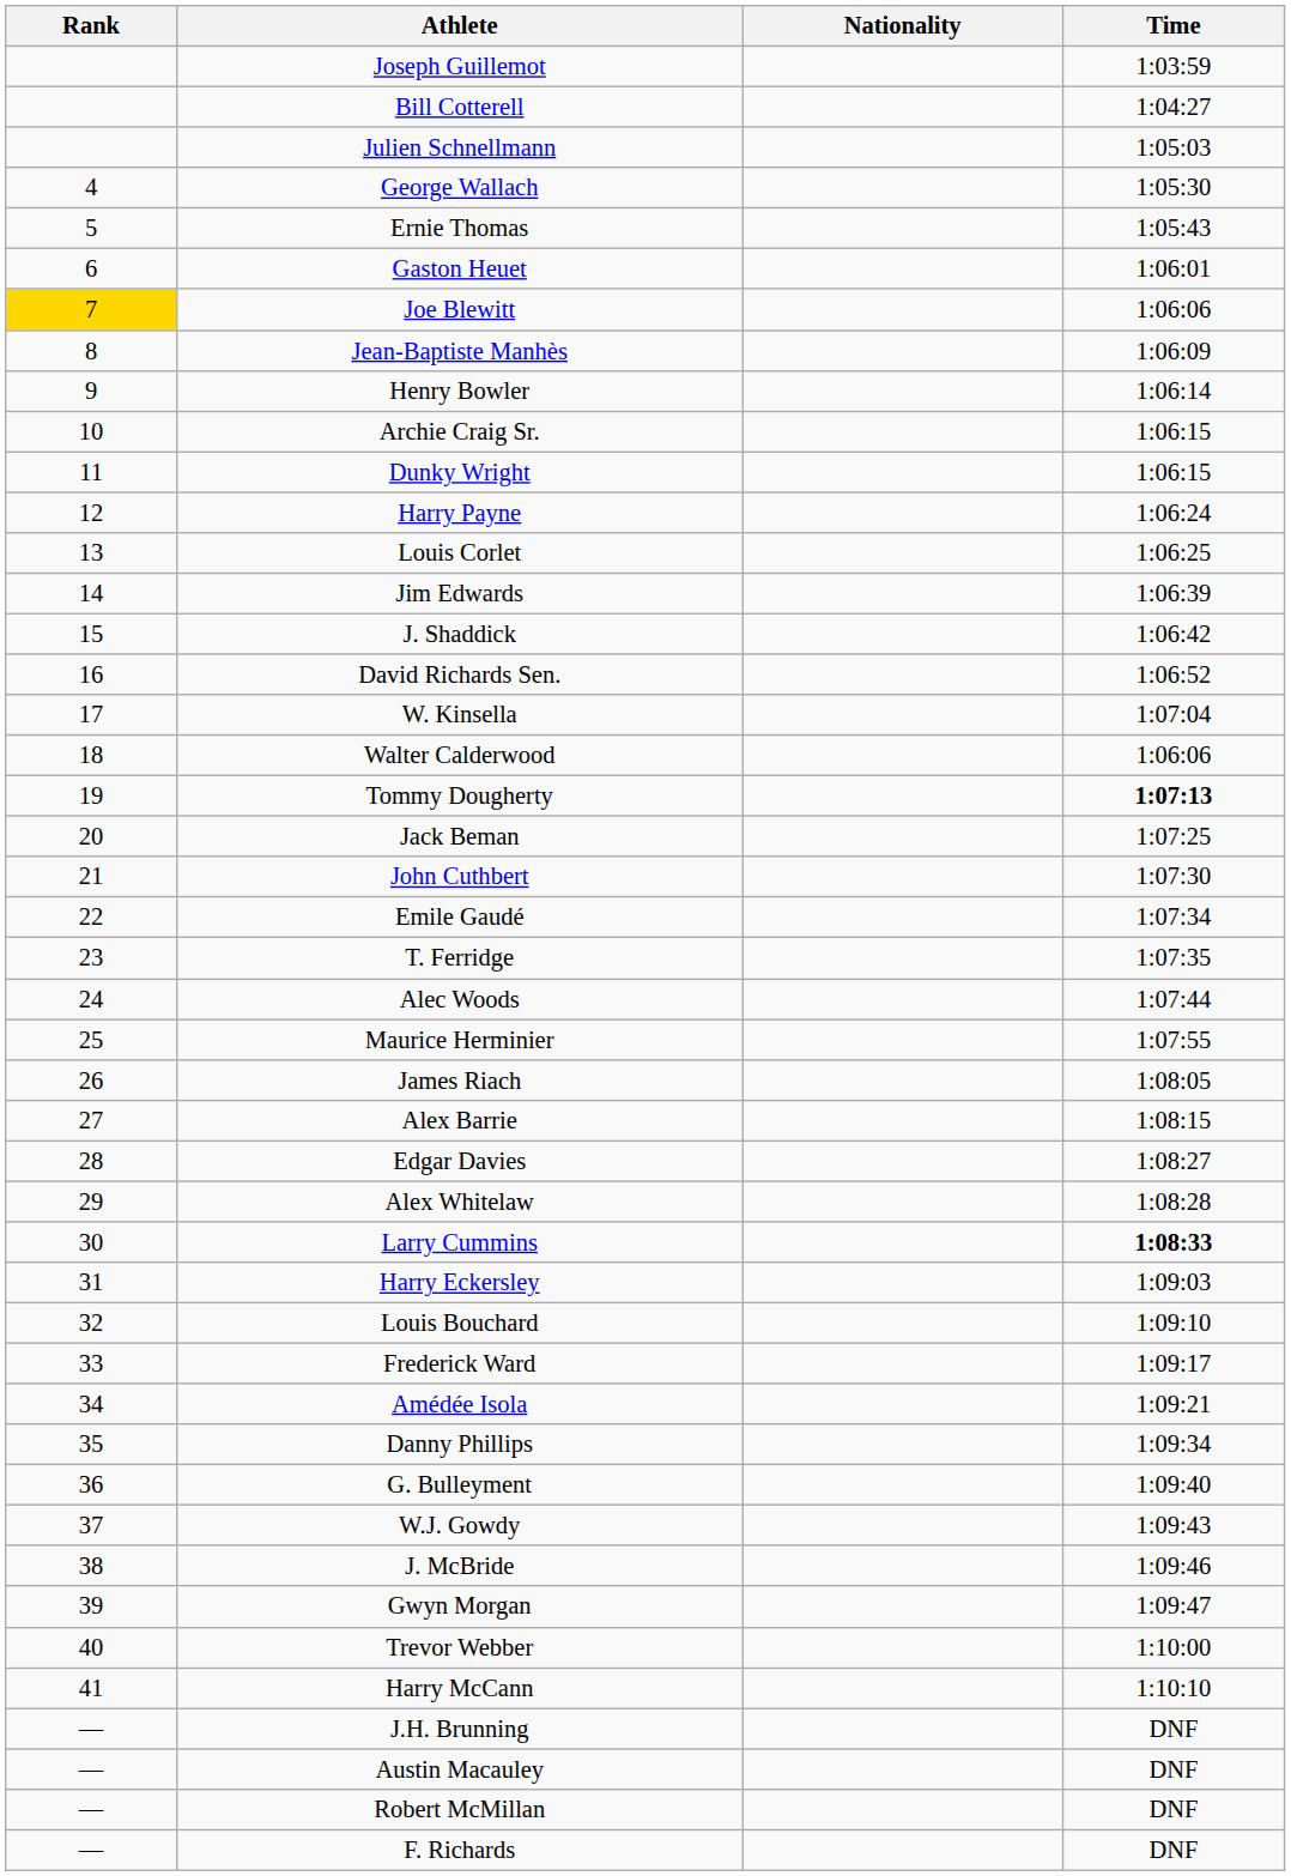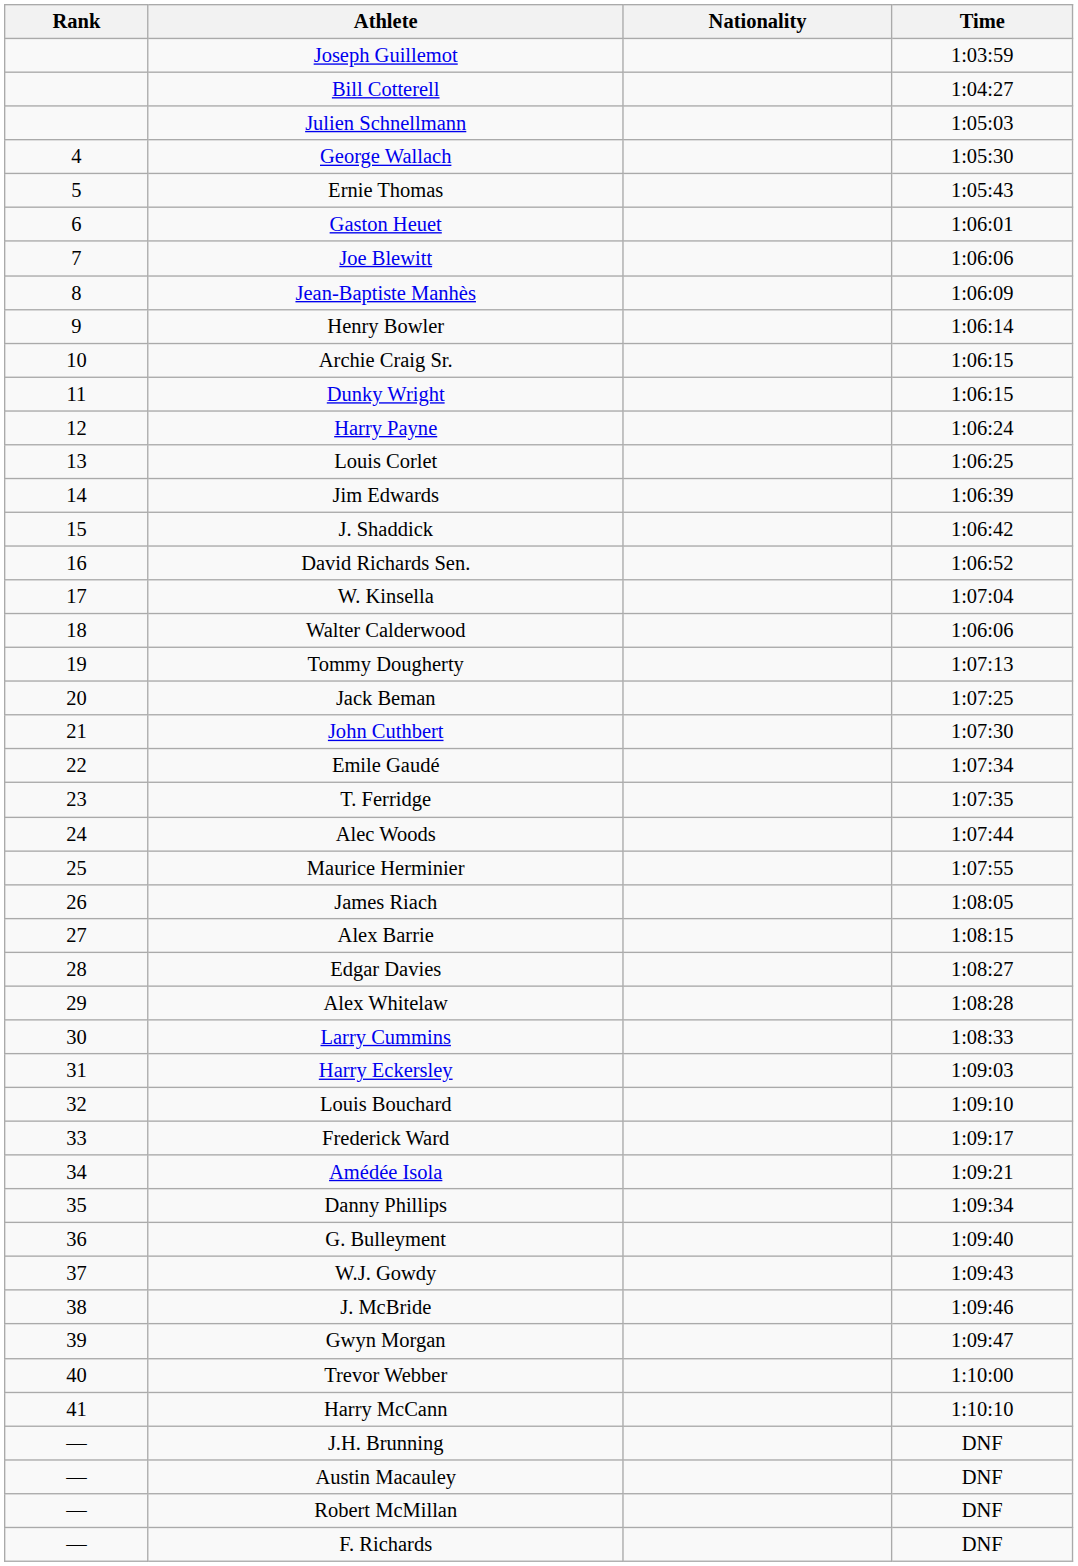 <table class="wikitable sortable" style=" text-align:center; font-size:95%;" width="50%">
 <tr>
 <th>Rank</th>
 <th>Athlete</th>
 <th>Nationality</th>
 <th>Time</th>
 </tr>
 <tr>
 <td align=center></td>
 <td><a href='#'>Joseph Guillemot</a></td>
 <td></td>
 <td>1:03:59</td>
 </tr>
 <tr>
 <td align=center></td>
 <td><a href='#'>Bill Cotterell</a></td>
 <td></td>
 <td>1:04:27</td>
 </tr>
 <tr>
 <td align=center></td>
 <td><a href='#'>Julien Schnellmann</a></td>
 <td></td>
 <td>1:05:03</td>
 </tr>
 <tr>
 <td align=center>4</td>
 <td><a href='#'>George Wallach</a></td>
 <td></td>
 <td>1:05:30</td>
 </tr>
 <tr>
 <td align=center>5</td>
 <td>Ernie Thomas</td>
 <td></td>
 <td>1:05:43</td>
 </tr>
 <tr>
 <td align=center>6</td>
 <td><a href='#'>Gaston Heuet</a></td>
 <td></td>
 <td>1:06:01</td>
 </tr>
 <tr>
-<td align=center style="background: gold;">7</td>
+<td align=center>7</td>
 <td><a href='#'>Joe Blewitt</a></td>
 <td></td>
 <td>1:06:06</td>
 </tr>
 <tr>
 <td align=center>8</td>
 <td><a href='#'>Jean-Baptiste Manhès</a></td>
 <td></td>
 <td>1:06:09</td>
 </tr>
 <tr>
 <td align=center>9</td>
 <td>Henry Bowler</td>
 <td></td>
 <td>1:06:14</td>
 </tr>
 <tr>
 <td align=center>10</td>
 <td>Archie Craig Sr.</td>
 <td></td>
 <td>1:06:15</td>
 </tr>
 <tr>
 <td align=center>11</td>
 <td><a href='#'>Dunky Wright</a></td>
 <td></td>
 <td>1:06:15</td>
 </tr>
 <tr>
 <td align=center>12</td>
 <td><a href='#'>Harry Payne</a></td>
 <td></td>
 <td>1:06:24</td>
 </tr>
 <tr>
 <td align=center>13</td>
 <td>Louis Corlet</td>
 <td></td>
 <td>1:06:25</td>
 </tr>
 <tr>
 <td align=center>14</td>
 <td>Jim Edwards</td>
 <td></td>
 <td>1:06:39</td>
 </tr>
 <tr>
 <td align=center>15</td>
 <td>J. Shaddick</td>
 <td></td>
 <td>1:06:42</td>
 </tr>
 <tr>
 <td align=center>16</td>
 <td>David Richards Sen.</td>
 <td></td>
 <td>1:06:52</td>
 </tr>
 <tr>
 <td align=center>17</td>
 <td>W. Kinsella</td>
 <td></td>
 <td>1:07:04</td>
 </tr>
 <tr>
 <td align=center>18</td>
 <td>Walter Calderwood</td>
 <td></td>
 <td>1:06:06</td>
 </tr>
 <tr>
 <td align=center>19</td>
 <td>Tommy Dougherty</td>
 <td></td>
-<td><strong>1:07:13</strong></td>
+<td>1:07:13</td>
 </tr>
 <tr>
 <td align=center>20</td>
 <td>Jack Beman</td>
 <td></td>
 <td>1:07:25</td>
 </tr>
 <tr>
 <td align=center>21</td>
 <td><a href='#'>John Cuthbert</a></td>
 <td></td>
 <td>1:07:30</td>
 </tr>
 <tr>
 <td align=center>22</td>
 <td>Emile Gaudé</td>
 <td></td>
 <td>1:07:34</td>
 </tr>
 <tr>
 <td align=center>23</td>
 <td>T. Ferridge</td>
 <td></td>
 <td>1:07:35</td>
 </tr>
 <tr>
 <td align=center>24</td>
 <td>Alec Woods</td>
 <td></td>
 <td>1:07:44</td>
 </tr>
 <tr>
 <td align=center>25</td>
 <td>Maurice Herminier</td>
 <td></td>
 <td>1:07:55</td>
 </tr>
 <tr>
 <td align=center>26</td>
 <td>James Riach</td>
 <td></td>
 <td>1:08:05</td>
 </tr>
 <tr>
 <td align=center>27</td>
 <td>Alex Barrie</td>
 <td></td>
 <td>1:08:15</td>
 </tr>
 <tr>
 <td align=center>28</td>
 <td>Edgar Davies</td>
 <td></td>
 <td>1:08:27</td>
 </tr>
 <tr>
 <td align=center>29</td>
 <td>Alex Whitelaw</td>
 <td></td>
 <td>1:08:28</td>
 </tr>
 <tr>
 <td align=center>30</td>
 <td><a href='#'>Larry Cummins</a></td>
 <td></td>
-<td><strong>1:08:33</strong></td>
+<td>1:08:33</td>
 </tr>
 <tr>
 <td align=center>31</td>
 <td><a href='#'>Harry Eckersley</a></td>
 <td></td>
 <td>1:09:03</td>
 </tr>
 <tr>
 <td align=center>32</td>
 <td>Louis Bouchard</td>
 <td></td>
 <td>1:09:10</td>
 </tr>
 <tr>
 <td align=center>33</td>
 <td>Frederick Ward</td>
 <td></td>
 <td>1:09:17</td>
 </tr>
 <tr>
 <td align=center>34</td>
 <td><a href='#'>Amédée Isola</a></td>
 <td></td>
 <td>1:09:21</td>
 </tr>
 <tr>
 <td align=center>35</td>
 <td>Danny Phillips</td>
 <td></td>
 <td>1:09:34</td>
 </tr>
 <tr>
 <td align=center>36</td>
 <td>G. Bulleyment</td>
 <td></td>
 <td>1:09:40</td>
 </tr>
 <tr>
 <td align=center>37</td>
 <td>W.J. Gowdy</td>
 <td></td>
 <td>1:09:43</td>
 </tr>
 <tr>
 <td align=center>38</td>
 <td>J. McBride</td>
 <td></td>
 <td>1:09:46</td>
 </tr>
 <tr>
 <td align=center>39</td>
 <td>Gwyn Morgan</td>
 <td></td>
 <td>1:09:47</td>
 </tr>
 <tr>
 <td align=center>40</td>
 <td>Trevor Webber</td>
 <td></td>
 <td>1:10:00</td>
 </tr>
 <tr>
 <td align=center>41</td>
 <td>Harry McCann</td>
 <td></td>
 <td>1:10:10</td>
 </tr>
 <tr>
 <td align=center>—</td>
 <td>J.H. Brunning</td>
 <td></td>
 <td>DNF</td>
 </tr>
 <tr>
 <td align=center>—</td>
 <td>Austin Macauley</td>
 <td></td>
 <td>DNF</td>
 </tr>
 <tr>
 <td align=center>—</td>
 <td>Robert McMillan</td>
 <td></td>
 <td>DNF</td>
 </tr>
 <tr>
 <td align=center>—</td>
 <td>F. Richards</td>
 <td></td>
 <td>DNF</td>
 </tr>
 </table>
